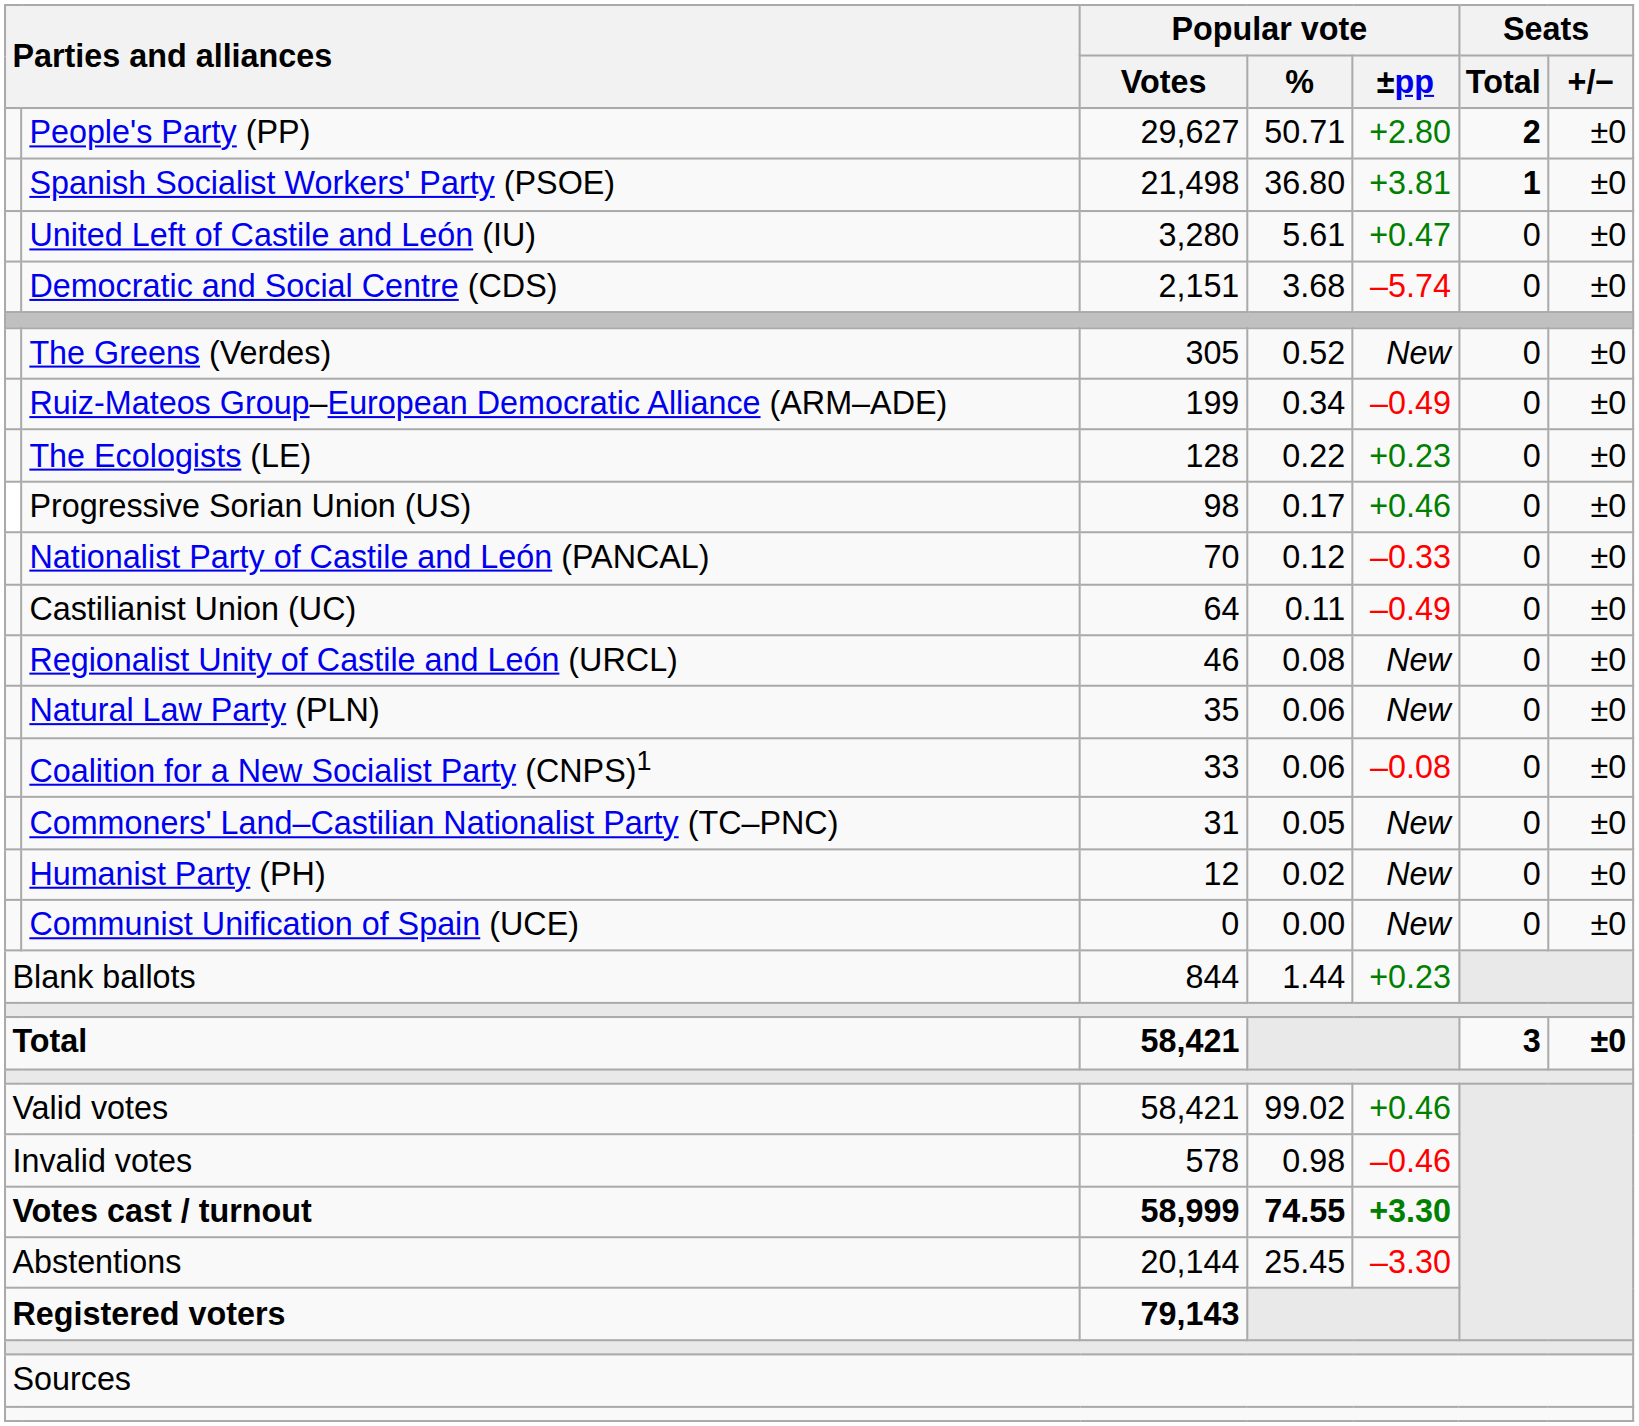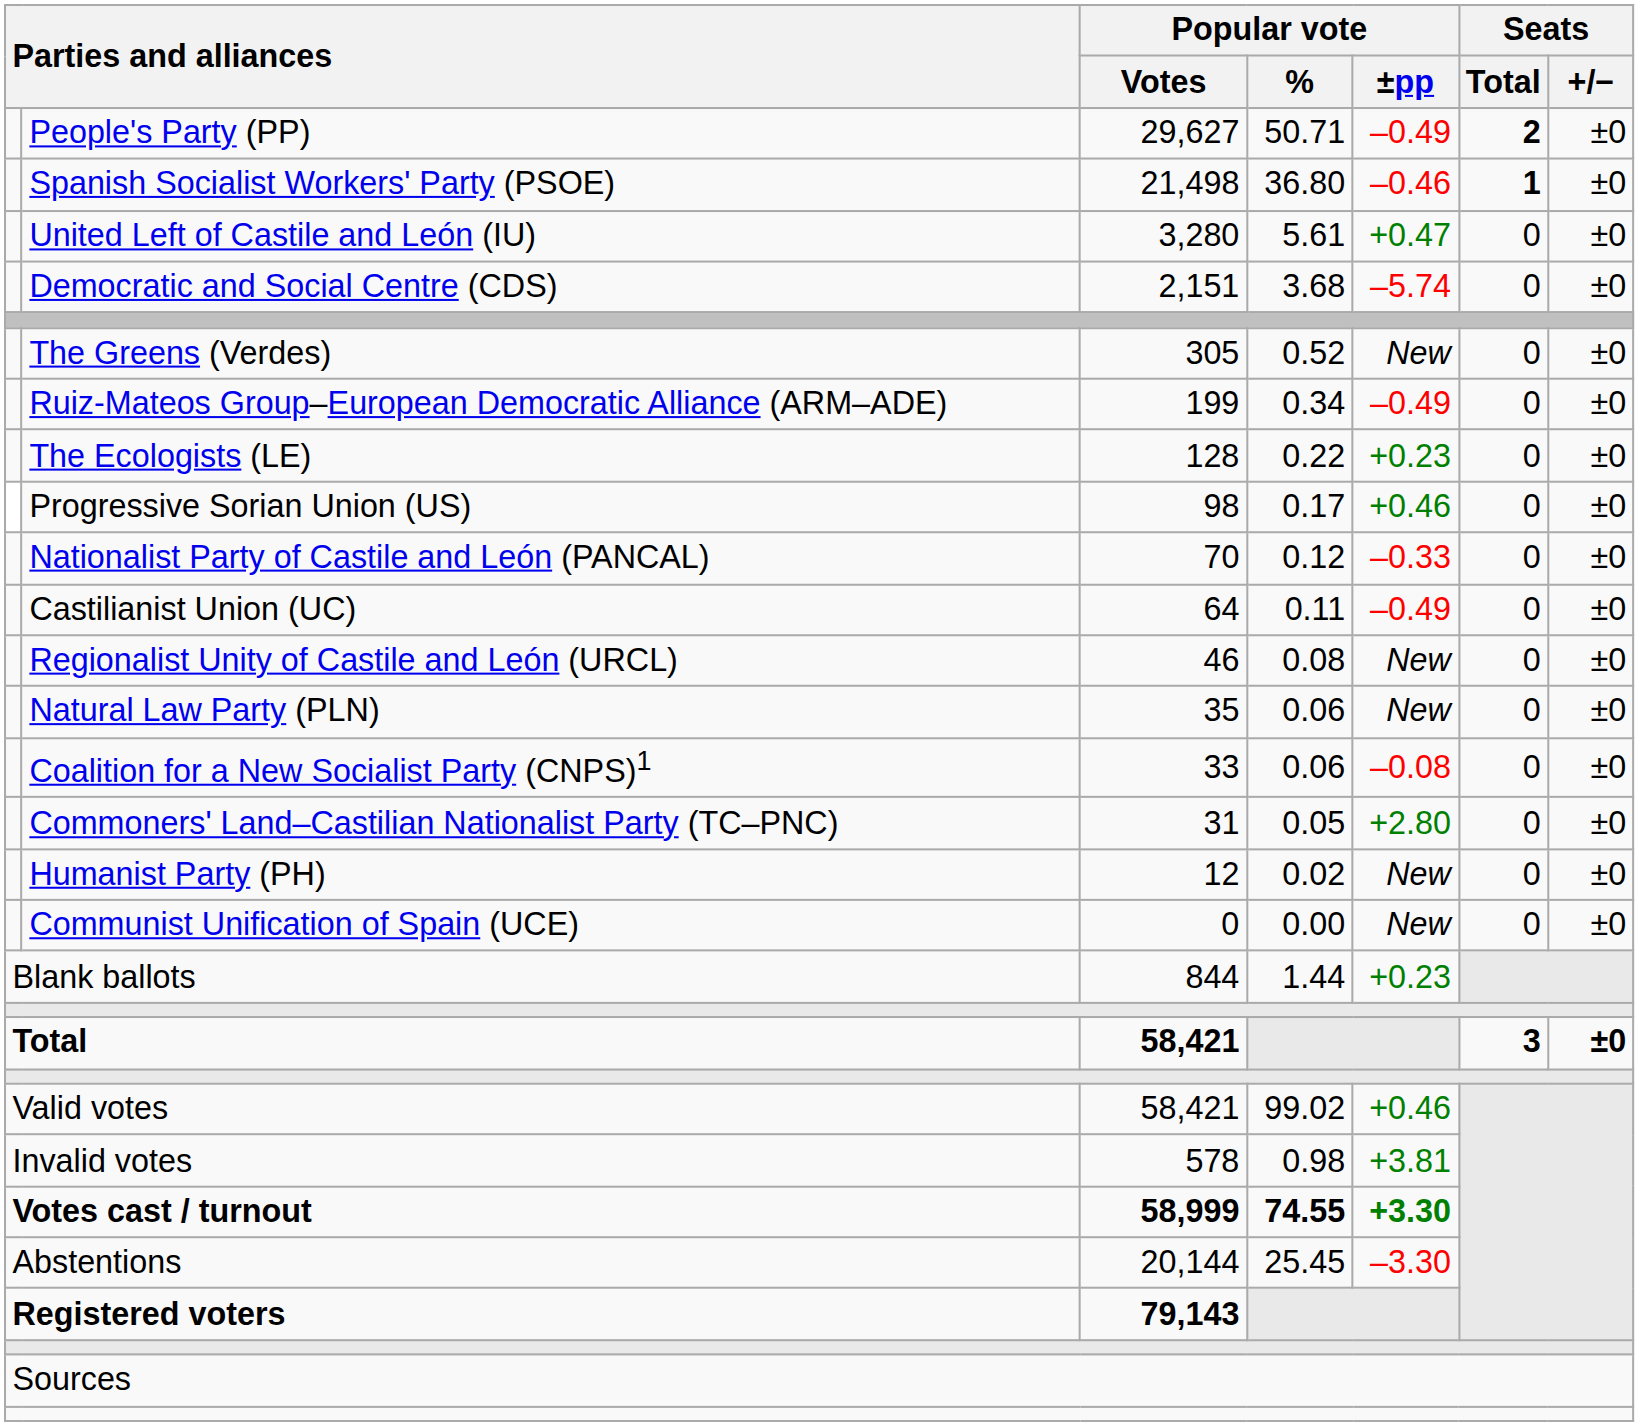 <table class="wikitable" style="text-align:right;">
 <tr>
 <th style="text-align:left;" rowspan="2" colspan="2" width="525">Parties and alliances</th>
 <th colspan="3">Popular vote</th>
 <th colspan="2">Seats</th>
 </tr>
 <tr>
 <th width="75">Votes</th>
 <th width="45">%</th>
 <th width="45">±<a href='#'>pp</a></th>
 <th width="35">Total</th>
 <th width="35">+/−</th>
 </tr>
 <tr>
 <td width="1" style="color:inherit;background:"></td>
 <td align="left"><a href='#'>People's Party</a> (PP)</td>
 <td>29,627</td>
 <td>50.71</td>
-<td style="color:green;">+2.80</td>
+<td style="color:red;">–0.49</td>
 <td><strong>2</strong></td>
 <td>±0</td>
 </tr>
 <tr>
 <td style="color:inherit;background:"></td>
 <td align="left"><a href='#'>Spanish Socialist Workers' Party</a> (PSOE)</td>
 <td>21,498</td>
 <td>36.80</td>
-<td style="color:green;">+3.81</td>
+<td style="color:red;">–0.46</td>
 <td><strong>1</strong></td>
 <td>±0</td>
 </tr>
 <tr>
 <td style="color:inherit;background:"></td>
 <td align="left"><a href='#'>United Left of Castile and León</a> (IU)</td>
 <td>3,280</td>
 <td>5.61</td>
 <td style="color:green;">+0.47</td>
 <td>0</td>
 <td>±0</td>
 </tr>
 <tr>
 <td style="color:inherit;background:"></td>
 <td align="left"><a href='#'>Democratic and Social Centre</a> (CDS)</td>
 <td>2,151</td>
 <td>3.68</td>
 <td style="color:red;">–5.74</td>
 <td>0</td>
 <td>±0</td>
 </tr>
 <tr>
 <td colspan="7" bgcolor="#C0C0C0"></td>
 </tr>
 <tr>
 <td style="color:inherit;background:"></td>
 <td align="left"><a href='#'>The Greens</a> (Verdes)</td>
 <td>305</td>
 <td>0.52</td>
 <td><em>New</em></td>
 <td>0</td>
 <td>±0</td>
 </tr>
 <tr>
 <td style="color:inherit;background:"></td>
 <td align="left"><a href='#'>Ruiz-Mateos Group</a>–<a href='#'>European Democratic Alliance</a> (ARM–ADE)</td>
 <td>199</td>
 <td>0.34</td>
 <td style="color:red;">–0.49</td>
 <td>0</td>
 <td>±0</td>
 </tr>
 <tr>
 <td style="color:inherit;background:"></td>
 <td align="left"><a href='#'>The Ecologists</a> (LE)</td>
 <td>128</td>
 <td>0.22</td>
 <td style="color:green;">+0.23</td>
 <td>0</td>
 <td>±0</td>
 </tr>
 <tr>
 <td bgcolor="white"></td>
 <td align="left">Progressive Sorian Union (US)</td>
 <td>98</td>
 <td>0.17</td>
 <td style="color:green;">+0.46</td>
 <td>0</td>
 <td>±0</td>
 </tr>
 <tr>
 <td style="color:inherit;background:"></td>
 <td align="left"><a href='#'>Nationalist Party of Castile and León</a> (PANCAL)</td>
 <td>70</td>
 <td>0.12</td>
 <td style="color:red;">–0.33</td>
 <td>0</td>
 <td>±0</td>
 </tr>
 <tr>
 <td style="color:inherit;background:"></td>
 <td align="left">Castilianist Union (UC)</td>
 <td>64</td>
 <td>0.11</td>
 <td style="color:red;">–0.49</td>
 <td>0</td>
 <td>±0</td>
 </tr>
 <tr>
 <td style="color:inherit;background:"></td>
 <td align="left"><a href='#'>Regionalist Unity of Castile and León</a> (URCL)</td>
 <td>46</td>
 <td>0.08</td>
 <td><em>New</em></td>
 <td>0</td>
 <td>±0</td>
 </tr>
 <tr>
 <td style="color:inherit;background:"></td>
 <td align="left"><a href='#'>Natural Law Party</a> (PLN)</td>
 <td>35</td>
 <td>0.06</td>
 <td><em>New</em></td>
 <td>0</td>
 <td>±0</td>
 </tr>
 <tr>
 <td style="color:inherit;background:"></td>
 <td align="left"><a href='#'>Coalition for a New Socialist Party</a> (CNPS)<sup>1</sup></td>
 <td>33</td>
 <td>0.06</td>
 <td style="color:red;">–0.08</td>
 <td>0</td>
 <td>±0</td>
 </tr>
 <tr>
 <td style="color:inherit;background:"></td>
 <td align="left"><a href='#'>Commoners' Land–Castilian Nationalist Party</a> (TC–PNC)</td>
 <td>31</td>
 <td>0.05</td>
-<td><em>New</em></td>
+<td style="color:green;">+2.80</td>
 <td>0</td>
 <td>±0</td>
 </tr>
 <tr>
 <td style="color:inherit;background:"></td>
 <td align="left"><a href='#'>Humanist Party</a> (PH)</td>
 <td>12</td>
 <td>0.02</td>
 <td><em>New</em></td>
 <td>0</td>
 <td>±0</td>
 </tr>
 <tr>
 <td style="color:inherit;background:"></td>
 <td align="left"><a href='#'>Communist Unification of Spain</a> (UCE)</td>
 <td>0</td>
 <td>0.00</td>
 <td><em>New</em></td>
 <td>0</td>
 <td>±0</td>
 </tr>
 <tr>
 <td align="left" colspan="2">Blank ballots</td>
 <td>844</td>
 <td>1.44</td>
 <td style="color:green;">+0.23</td>
 <td bgcolor="#E9E9E9" colspan="2"></td>
 </tr>
 <tr>
 <td colspan="7" bgcolor="#E9E9E9"></td>
 </tr>
 <tr style="font-weight:bold;">
 <td align="left" colspan="2">Total</td>
 <td>58,421</td>
 <td bgcolor="#E9E9E9" colspan="2"></td>
 <td>3</td>
 <td>±0</td>
 </tr>
 <tr>
 <td colspan="7" bgcolor="#E9E9E9"></td>
 </tr>
 <tr>
 <td align="left" colspan="2">Valid votes</td>
 <td>58,421</td>
 <td>99.02</td>
 <td style="color:green;">+0.46</td>
 <td bgcolor="#E9E9E9" colspan="2" rowspan="5"></td>
 </tr>
 <tr>
 <td align="left" colspan="2">Invalid votes</td>
 <td>578</td>
 <td>0.98</td>
-<td style="color:red;">–0.46</td>
+<td style="color:green;">+3.81</td>
 </tr>
 <tr style="font-weight:bold;">
 <td align="left" colspan="2">Votes cast / turnout</td>
 <td>58,999</td>
 <td>74.55</td>
 <td style="color:green;">+3.30</td>
 </tr>
 <tr>
 <td align="left" colspan="2">Abstentions</td>
 <td>20,144</td>
 <td>25.45</td>
 <td style="color:red;">–3.30</td>
 </tr>
 <tr style="font-weight:bold;">
 <td align="left" colspan="2">Registered voters</td>
 <td>79,143</td>
 <td bgcolor="#E9E9E9" colspan="2"></td>
 </tr>
 <tr>
 <td colspan="7" bgcolor="#E9E9E9"></td>
 </tr>
 <tr>
 <td align="left" colspan="7">Sources</td>
 </tr>
 <tr>
 <td colspan="7" style="text-align:left; max-width:790px;"></td>
 </tr>
 </table>
